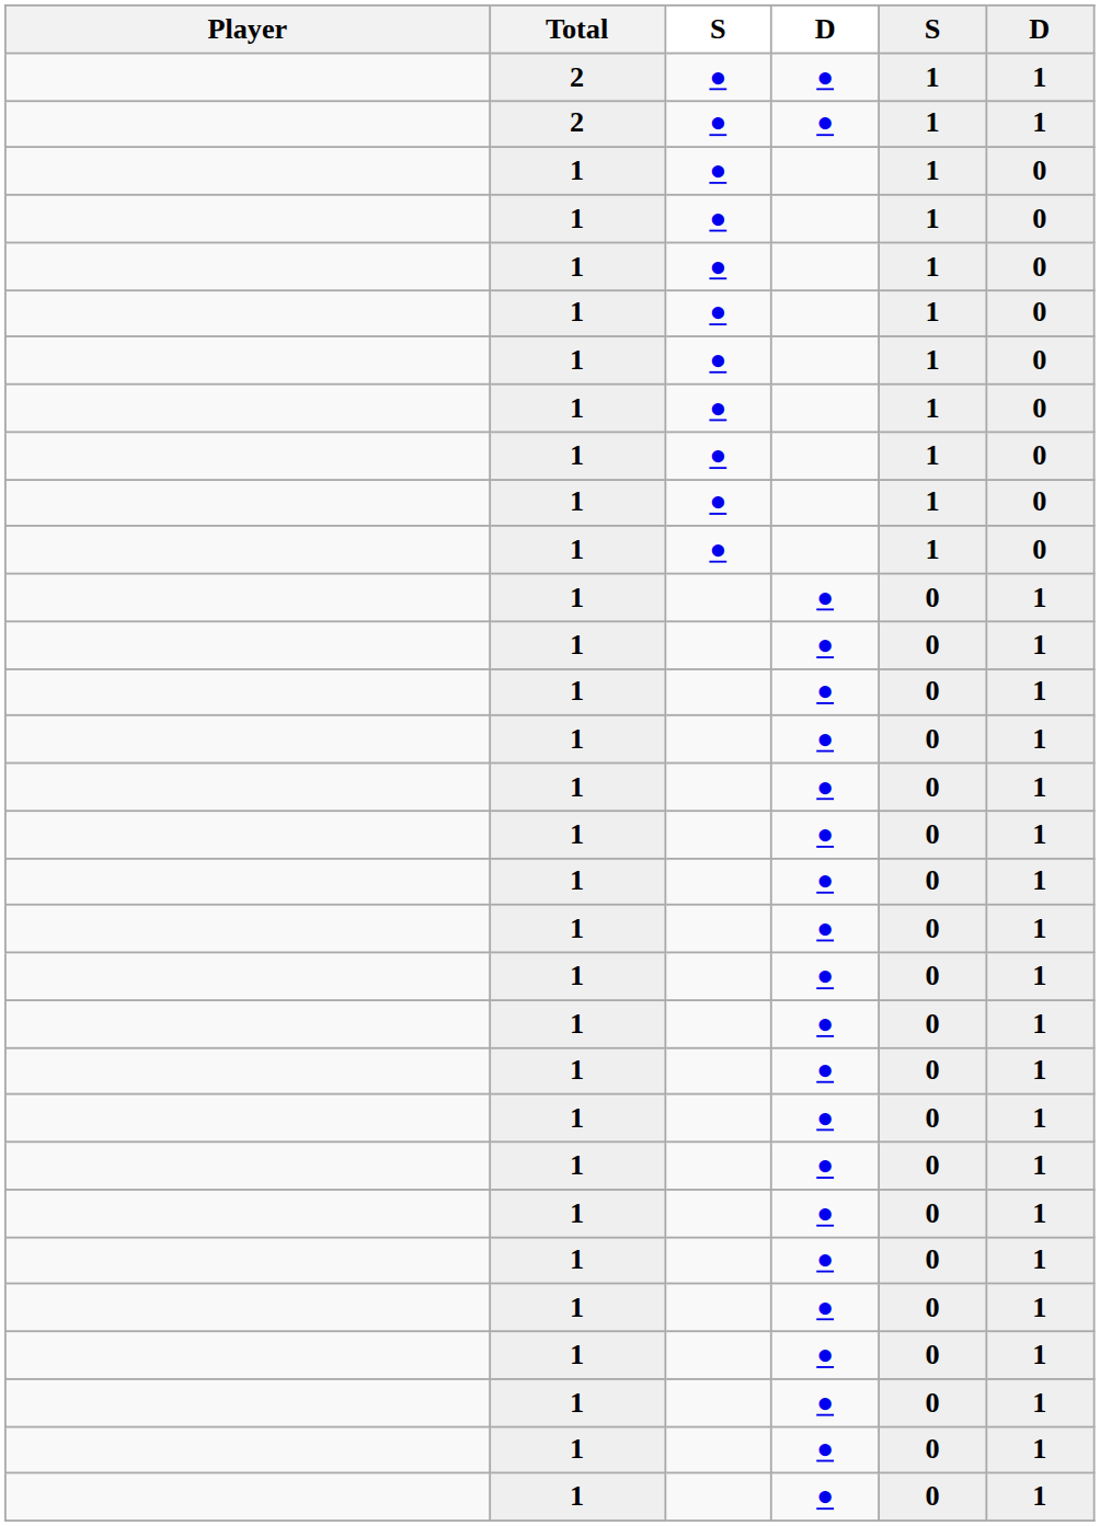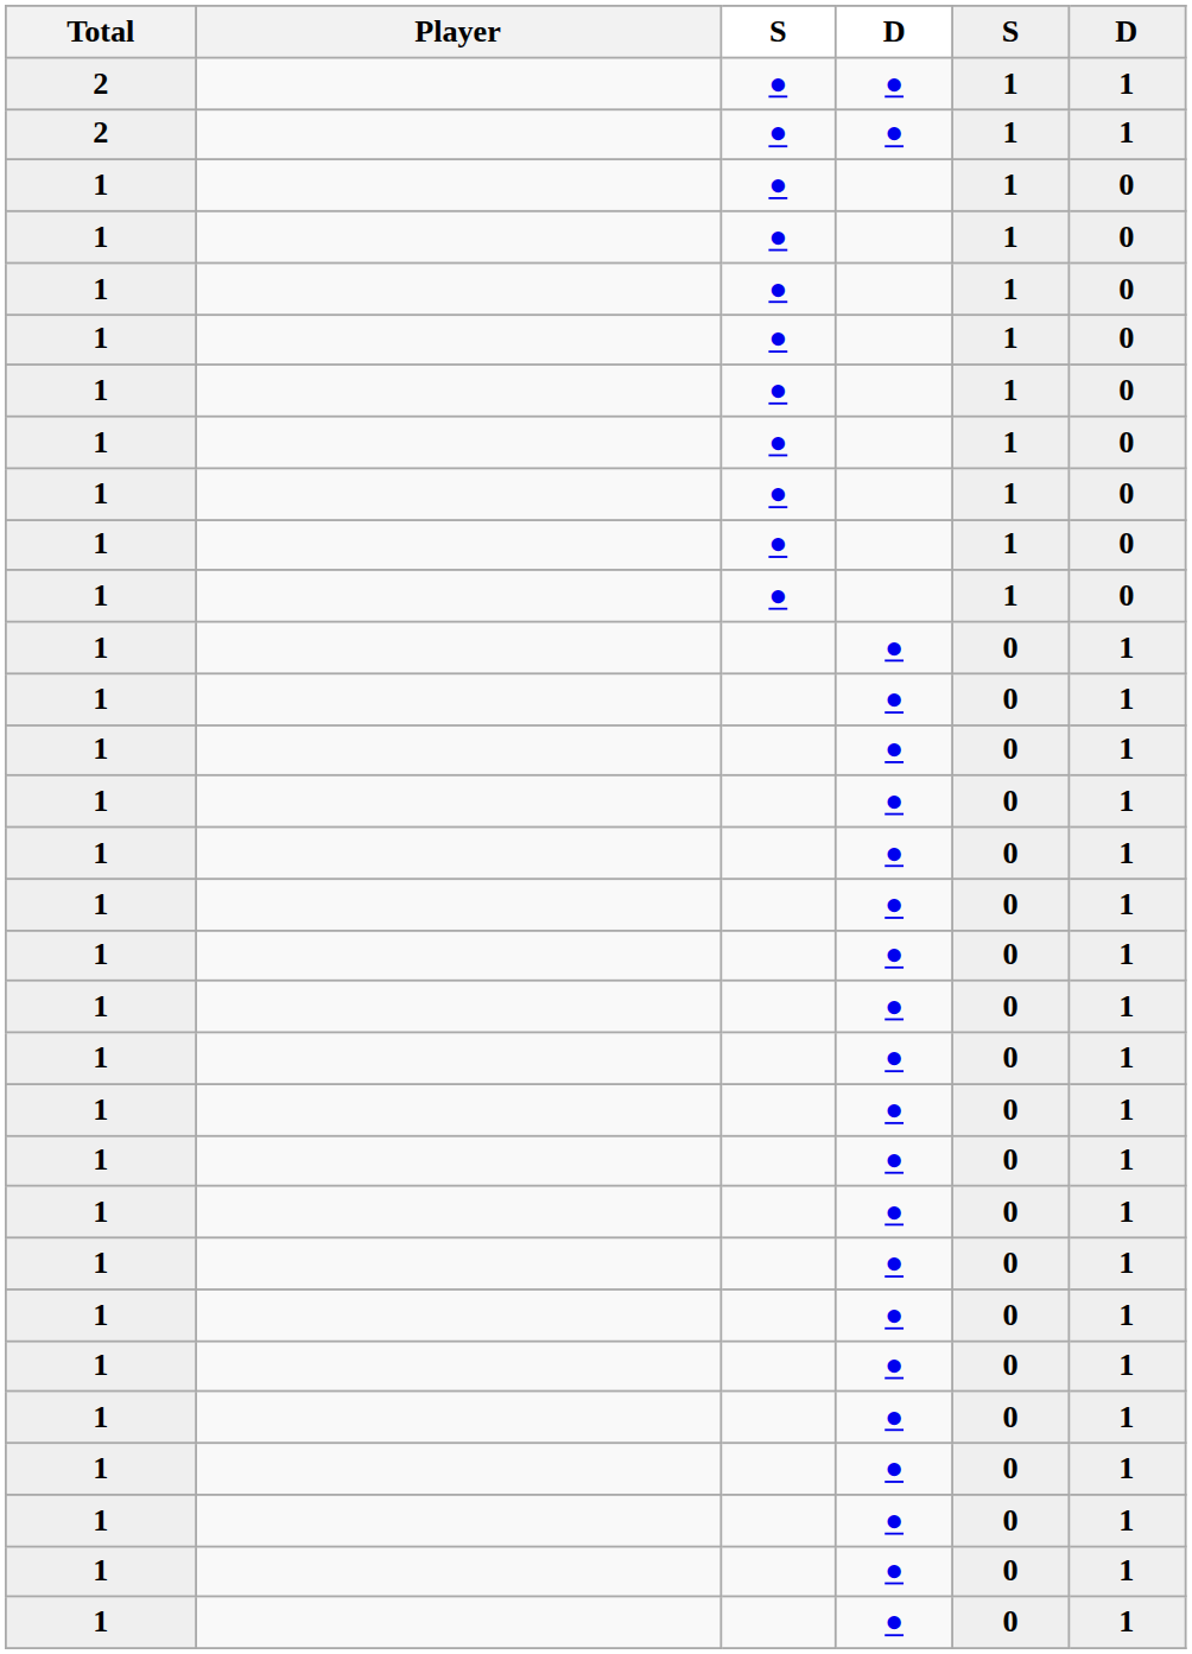 <table class="sortable wikitable" style="font-size:90%;">
 <tr>
+<th width=81>Total</th>
 <th width=236>Player</th>
-<th width=81>Total</th>
 <th width=47 style="background:#FFFFFF"> S </th>
 <th width=47 style="background:#FFFFFF"> D </th>
 <th width=47 style="background:#efefef"> S </th>
 <th width=47 style="background:#efefef"> D </th>
 </tr>
 <tr align=center>
+<td bgcolor=#efefef><strong>2</strong></td>
 <td align=left></td>
-<td bgcolor=#efefef><strong>2</strong></td>
 <td><a href='#'>●</a></td>
 <td><a href='#'>●</a></td>
 <td bgcolor=#efefef><strong>1</strong></td>
 <td bgcolor=#efefef><strong>1</strong></td>
 </tr>
 <tr align=center>
+<td bgcolor=#efefef><strong>2</strong></td>
 <td align=left></td>
-<td bgcolor=#efefef><strong>2</strong></td>
 <td><a href='#'>●</a></td>
 <td><a href='#'>●</a></td>
 <td bgcolor=#efefef><strong>1</strong></td>
 <td bgcolor=#efefef><strong>1</strong></td>
 </tr>
 <tr align=center>
+<td bgcolor=#efefef><strong>1</strong></td>
 <td align=left></td>
-<td bgcolor=#efefef><strong>1</strong></td>
 <td><a href='#'>●</a></td>
 <td></td>
 <td bgcolor=#efefef><strong>1</strong></td>
 <td bgcolor=#efefef><strong>0</strong></td>
 </tr>
 <tr align=center>
+<td bgcolor=#efefef><strong>1</strong></td>
 <td align=left></td>
-<td bgcolor=#efefef><strong>1</strong></td>
 <td><a href='#'>●</a></td>
 <td></td>
 <td bgcolor=#efefef><strong>1</strong></td>
 <td bgcolor=#efefef><strong>0</strong></td>
 </tr>
 <tr align=center>
+<td bgcolor=#efefef><strong>1</strong></td>
 <td align=left></td>
-<td bgcolor=#efefef><strong>1</strong></td>
 <td><a href='#'>●</a></td>
 <td></td>
 <td bgcolor=#efefef><strong>1</strong></td>
 <td bgcolor=#efefef><strong>0</strong></td>
 </tr>
 <tr align=center>
+<td bgcolor=#efefef><strong>1</strong></td>
 <td align=left></td>
-<td bgcolor=#efefef><strong>1</strong></td>
 <td><a href='#'>●</a></td>
 <td></td>
 <td bgcolor=#efefef><strong>1</strong></td>
 <td bgcolor=#efefef><strong>0</strong></td>
 </tr>
 <tr align=center>
+<td bgcolor=#efefef><strong>1</strong></td>
 <td align=left></td>
-<td bgcolor=#efefef><strong>1</strong></td>
 <td><a href='#'>●</a></td>
 <td></td>
 <td bgcolor=#efefef><strong>1</strong></td>
 <td bgcolor=#efefef><strong>0</strong></td>
 </tr>
 <tr align=center>
+<td bgcolor=#efefef><strong>1</strong></td>
 <td align=left></td>
-<td bgcolor=#efefef><strong>1</strong></td>
 <td><a href='#'>●</a></td>
 <td></td>
 <td bgcolor=#efefef><strong>1</strong></td>
 <td bgcolor=#efefef><strong>0</strong></td>
 </tr>
 <tr align=center>
+<td bgcolor=#efefef><strong>1</strong></td>
 <td align=left></td>
-<td bgcolor=#efefef><strong>1</strong></td>
 <td><a href='#'>●</a></td>
 <td></td>
 <td bgcolor=#efefef><strong>1</strong></td>
 <td bgcolor=#efefef><strong>0</strong></td>
 </tr>
 <tr align=center>
+<td bgcolor=#efefef><strong>1</strong></td>
 <td align=left></td>
-<td bgcolor=#efefef><strong>1</strong></td>
 <td><a href='#'>●</a></td>
 <td></td>
 <td bgcolor=#efefef><strong>1</strong></td>
 <td bgcolor=#efefef><strong>0</strong></td>
 </tr>
 <tr align=center>
+<td bgcolor=#efefef><strong>1</strong></td>
 <td align=left></td>
-<td bgcolor=#efefef><strong>1</strong></td>
 <td><a href='#'>●</a></td>
 <td></td>
 <td bgcolor=#efefef><strong>1</strong></td>
 <td bgcolor=#efefef><strong>0</strong></td>
 </tr>
 <tr align=center>
+<td bgcolor=#efefef><strong>1</strong></td>
 <td align=left></td>
-<td bgcolor=#efefef><strong>1</strong></td>
 <td></td>
 <td><a href='#'>●</a></td>
 <td bgcolor=#efefef><strong>0</strong></td>
 <td bgcolor=#efefef><strong>1</strong></td>
 </tr>
 <tr align=center>
+<td bgcolor=#efefef><strong>1</strong></td>
 <td align=left></td>
-<td bgcolor=#efefef><strong>1</strong></td>
 <td></td>
 <td><a href='#'>●</a></td>
 <td bgcolor=#efefef><strong>0</strong></td>
 <td bgcolor=#efefef><strong>1</strong></td>
 </tr>
 <tr align=center>
+<td bgcolor=#efefef><strong>1</strong></td>
 <td align=left></td>
-<td bgcolor=#efefef><strong>1</strong></td>
 <td></td>
 <td><a href='#'>●</a></td>
 <td bgcolor=#efefef><strong>0</strong></td>
 <td bgcolor=#efefef><strong>1</strong></td>
 </tr>
 <tr align=center>
+<td bgcolor=#efefef><strong>1</strong></td>
 <td align=left></td>
-<td bgcolor=#efefef><strong>1</strong></td>
 <td></td>
 <td><a href='#'>●</a></td>
 <td bgcolor=#efefef><strong>0</strong></td>
 <td bgcolor=#efefef><strong>1</strong></td>
 </tr>
 <tr align=center>
+<td bgcolor=#efefef><strong>1</strong></td>
 <td align=left></td>
-<td bgcolor=#efefef><strong>1</strong></td>
 <td></td>
 <td><a href='#'>●</a></td>
 <td bgcolor=#efefef><strong>0</strong></td>
 <td bgcolor=#efefef><strong>1</strong></td>
 </tr>
 <tr align=center>
+<td bgcolor=#efefef><strong>1</strong></td>
 <td align=left></td>
-<td bgcolor=#efefef><strong>1</strong></td>
 <td></td>
 <td><a href='#'>●</a></td>
 <td bgcolor=#efefef><strong>0</strong></td>
 <td bgcolor=#efefef><strong>1</strong></td>
 </tr>
 <tr align=center>
+<td bgcolor=#efefef><strong>1</strong></td>
 <td align=left></td>
-<td bgcolor=#efefef><strong>1</strong></td>
 <td></td>
 <td><a href='#'>●</a></td>
 <td bgcolor=#efefef><strong>0</strong></td>
 <td bgcolor=#efefef><strong>1</strong></td>
 </tr>
 <tr align=center>
+<td bgcolor=#efefef><strong>1</strong></td>
 <td align=left></td>
-<td bgcolor=#efefef><strong>1</strong></td>
 <td></td>
 <td><a href='#'>●</a></td>
 <td bgcolor=#efefef><strong>0</strong></td>
 <td bgcolor=#efefef><strong>1</strong></td>
 </tr>
 <tr align=center>
+<td bgcolor=#efefef><strong>1</strong></td>
 <td align=left></td>
-<td bgcolor=#efefef><strong>1</strong></td>
 <td></td>
 <td><a href='#'>●</a></td>
 <td bgcolor=#efefef><strong>0</strong></td>
 <td bgcolor=#efefef><strong>1</strong></td>
 </tr>
 <tr align=center>
+<td bgcolor=#efefef><strong>1</strong></td>
 <td align=left></td>
-<td bgcolor=#efefef><strong>1</strong></td>
 <td></td>
 <td><a href='#'>●</a></td>
 <td bgcolor=#efefef><strong>0</strong></td>
 <td bgcolor=#efefef><strong>1</strong></td>
 </tr>
 <tr align=center>
+<td bgcolor=#efefef><strong>1</strong></td>
 <td align=left></td>
-<td bgcolor=#efefef><strong>1</strong></td>
 <td></td>
 <td><a href='#'>●</a></td>
 <td bgcolor=#efefef><strong>0</strong></td>
 <td bgcolor=#efefef><strong>1</strong></td>
 </tr>
 <tr align=center>
+<td bgcolor=#efefef><strong>1</strong></td>
 <td align=left></td>
-<td bgcolor=#efefef><strong>1</strong></td>
 <td></td>
 <td><a href='#'>●</a></td>
 <td bgcolor=#efefef><strong>0</strong></td>
 <td bgcolor=#efefef><strong>1</strong></td>
 </tr>
 <tr align=center>
+<td bgcolor=#efefef><strong>1</strong></td>
 <td align=left></td>
-<td bgcolor=#efefef><strong>1</strong></td>
 <td></td>
 <td><a href='#'>●</a></td>
 <td bgcolor=#efefef><strong>0</strong></td>
 <td bgcolor=#efefef><strong>1</strong></td>
 </tr>
 <tr align=center>
+<td bgcolor=#efefef><strong>1</strong></td>
 <td align=left></td>
-<td bgcolor=#efefef><strong>1</strong></td>
 <td></td>
 <td><a href='#'>●</a></td>
 <td bgcolor=#efefef><strong>0</strong></td>
 <td bgcolor=#efefef><strong>1</strong></td>
 </tr>
 <tr align=center>
+<td bgcolor=#efefef><strong>1</strong></td>
 <td align=left></td>
-<td bgcolor=#efefef><strong>1</strong></td>
 <td></td>
 <td><a href='#'>●</a></td>
 <td bgcolor=#efefef><strong>0</strong></td>
 <td bgcolor=#efefef><strong>1</strong></td>
 </tr>
 <tr align=center>
+<td bgcolor=#efefef><strong>1</strong></td>
 <td align=left></td>
-<td bgcolor=#efefef><strong>1</strong></td>
 <td></td>
 <td><a href='#'>●</a></td>
 <td bgcolor=#efefef><strong>0</strong></td>
 <td bgcolor=#efefef><strong>1</strong></td>
 </tr>
 <tr align=center>
+<td bgcolor=#efefef><strong>1</strong></td>
 <td align=left></td>
-<td bgcolor=#efefef><strong>1</strong></td>
 <td></td>
 <td><a href='#'>●</a></td>
 <td bgcolor=#efefef><strong>0</strong></td>
 <td bgcolor=#efefef><strong>1</strong></td>
 </tr>
 <tr align=center>
+<td bgcolor=#efefef><strong>1</strong></td>
 <td align=left></td>
-<td bgcolor=#efefef><strong>1</strong></td>
 <td></td>
 <td><a href='#'>●</a></td>
 <td bgcolor=#efefef><strong>0</strong></td>
 <td bgcolor=#efefef><strong>1</strong></td>
 </tr>
 <tr align=center>
+<td bgcolor=#efefef><strong>1</strong></td>
 <td align=left></td>
-<td bgcolor=#efefef><strong>1</strong></td>
 <td></td>
 <td><a href='#'>●</a></td>
 <td bgcolor=#efefef><strong>0</strong></td>
 <td bgcolor=#efefef><strong>1</strong></td>
 </tr>
 <tr align=center>
+<td bgcolor=#efefef><strong>1</strong></td>
 <td align=left></td>
-<td bgcolor=#efefef><strong>1</strong></td>
 <td></td>
 <td><a href='#'>●</a></td>
 <td bgcolor=#efefef><strong>0</strong></td>
 <td bgcolor=#efefef><strong>1</strong></td>
 </tr>
 </table>
